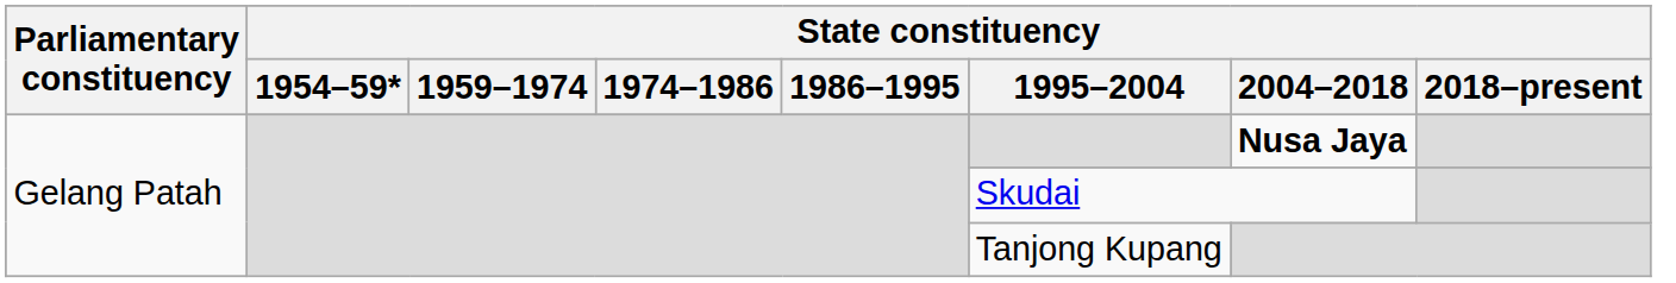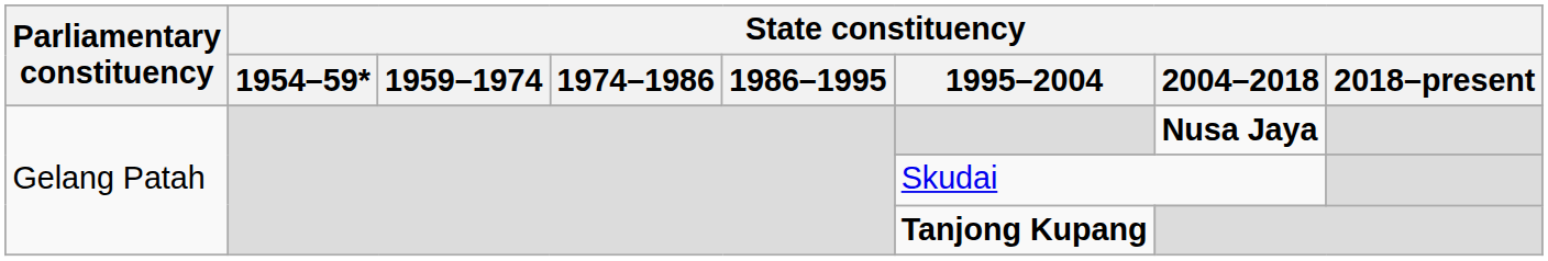 <table class="wikitable">
 <tr>
 <th rowspan="2">Parliamentary<br>constituency</th>
 <th colspan="7">State constituency</th>
 </tr>
 <tr>
 <th>1954–59*</th>
 <th>1959–1974</th>
 <th>1974–1986</th>
 <th>1986–1995</th>
 <th>1995–2004</th>
 <th>2004–2018</th>
 <th>2018–present</th>
 </tr>
 <tr>
 <td rowspan="3">Gelang Patah</td>
 <td colspan="4" rowspan="3" bgcolor="dcdcdc"></td>
 <td bgcolor="dcdcdc"></td>
 <td><strong>Nusa Jaya</strong></td>
 <td bgcolor="dcdcdc"></td>
 </tr>
 <tr>
 <td colspan="2"><a href='#'>Skudai</a></td>
 <td bgcolor="dcdcdc"></td>
 </tr>
 <tr>
-<td>Tanjong Kupang</td>
+<td><strong>Tanjong Kupang</strong></td>
 <td colspan="2" bgcolor="dcdcdc"></td>
 </tr>
 </table>
